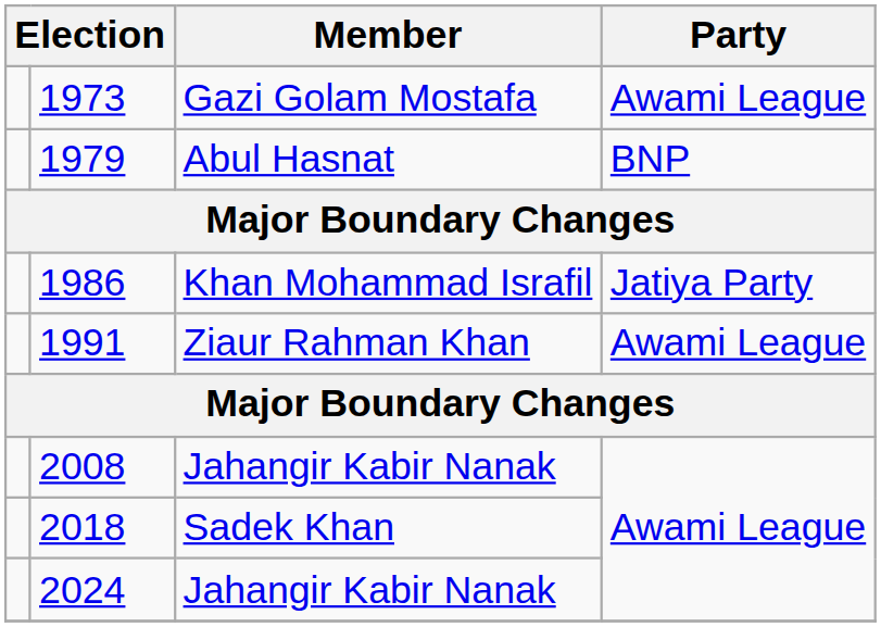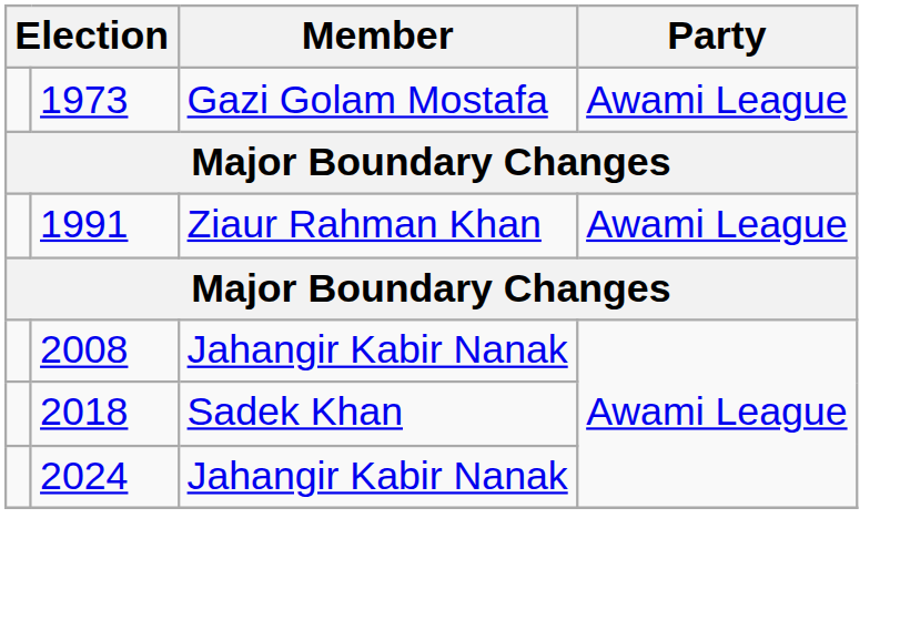 <table class="wikitable">
 <tr>
 <th colspan="2">Election</th>
 <th>Member</th>
 <th>Party</th>
 </tr>
 <tr>
 <td style="background-color:"></td>
 <td><a href='#'>1973</a></td>
 <td><a href='#'>Gazi Golam Mostafa</a></td>
 <td><a href='#'>Awami League</a></td>
 </tr>
 <tr>
-<td style="background-color:"></td>
-<td><a href='#'>1979</a></td>
-<td><a href='#'>Abul Hasnat</a></td>
-<td><a href='#'>BNP</a></td>
-</tr>
-<tr>
 <th colspan="4">Major Boundary Changes</th>
-</tr>
-<tr>
-<td style="background-color:"></td>
-<td><a href='#'>1986</a></td>
-<td><a href='#'>Khan Mohammad Israfil</a></td>
-<td><a href='#'>Jatiya Party</a></td>
 </tr>
 <tr>
 <td style="background-color:"></td>
 <td><a href='#'>1991</a></td>
 <td><a href='#'>Ziaur Rahman Khan</a></td>
 <td><a href='#'>Awami League</a></td>
 </tr>
 <tr>
 <th colspan="4">Major Boundary Changes</th>
 </tr>
 <tr>
 <td style="background-color:"></td>
 <td><a href='#'>2008</a></td>
 <td><a href='#'>Jahangir Kabir Nanak</a></td>
 <td rowspan="3"><a href='#'>Awami League</a></td>
 </tr>
 <tr>
 <td style="background-color:"></td>
 <td><a href='#'>2018</a></td>
 <td><a href='#'>Sadek Khan</a></td>
 </tr>
 <tr>
 <td style="background-color:"></td>
 <td><a href='#'>2024</a></td>
 <td><a href='#'>Jahangir Kabir Nanak</a></td>
 </tr>
 <tr>
 </tr>
 </table>
